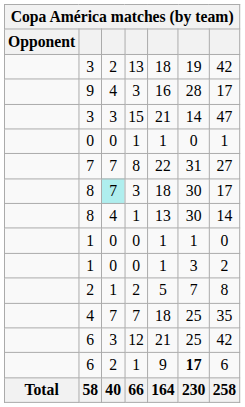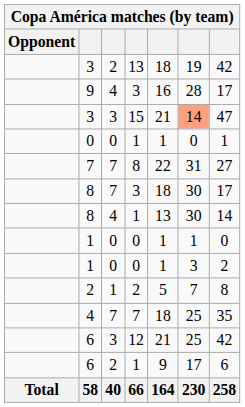 <table class="wikitable sortable" style="text-align: center;">
 <tr>
 <th colspan=7>Copa América matches (by team)</th>
 </tr>
 <tr>
 <th>Opponent</th>
 <th></th>
 <th></th>
 <th></th>
 <th></th>
 <th></th>
 <th></th>
 </tr>
 <tr>
 <td align="left"></td>
 <td>3</td>
 <td>2</td>
 <td>13</td>
 <td>18</td>
 <td>19</td>
 <td>42</td>
 </tr>
 <tr>
 <td align="left"></td>
 <td>9</td>
 <td>4</td>
 <td>3</td>
 <td>16</td>
 <td>28</td>
 <td>17</td>
 </tr>
 <tr>
 <td align="left"></td>
 <td>3</td>
 <td>3</td>
 <td>15</td>
 <td>21</td>
-<td>14</td>
+<td style="background: lightsalmon;">14</td>
 <td>47</td>
 </tr>
 <tr>
 <td align="left"></td>
 <td>0</td>
 <td>0</td>
 <td>1</td>
 <td>1</td>
 <td>0</td>
 <td>1</td>
 </tr>
 <tr>
 <td align="left"></td>
 <td>7</td>
 <td>7</td>
 <td>8</td>
 <td>22</td>
 <td>31</td>
 <td>27</td>
 </tr>
 <tr>
 <td align="left"></td>
 <td>8</td>
-<td style="background: paleturquoise;">7</td>
+<td>7</td>
 <td>3</td>
 <td>18</td>
 <td>30</td>
 <td>17</td>
 </tr>
 <tr>
 <td align="left"></td>
 <td>8</td>
 <td>4</td>
 <td>1</td>
 <td>13</td>
 <td>30</td>
 <td>14</td>
 </tr>
 <tr>
 <td align="left"></td>
 <td>1</td>
 <td>0</td>
 <td>0</td>
 <td>1</td>
 <td>1</td>
 <td>0</td>
 </tr>
 <tr>
 <td align="left"></td>
 <td>1</td>
 <td>0</td>
 <td>0</td>
 <td>1</td>
 <td>3</td>
 <td>2</td>
 </tr>
 <tr>
 <td align="left"></td>
 <td>2</td>
 <td>1</td>
 <td>2</td>
 <td>5</td>
 <td>7</td>
 <td>8</td>
 </tr>
 <tr>
 <td align="left"></td>
 <td>4</td>
 <td>7</td>
 <td>7</td>
 <td>18</td>
 <td>25</td>
 <td>35</td>
 </tr>
 <tr>
 <td align="left"></td>
 <td>6</td>
 <td>3</td>
 <td>12</td>
 <td>21</td>
 <td>25</td>
 <td>42</td>
 </tr>
 <tr>
 <td align="left"></td>
 <td>6</td>
 <td>2</td>
 <td>1</td>
 <td>9</td>
-<td><strong>17</strong></td>
+<td>17</td>
 <td>6</td>
 </tr>
 <tr>
 <th align="left">Total</th>
 <th>58</th>
 <th>40</th>
 <th>66</th>
 <th>164</th>
 <th>230</th>
 <th>258</th>
 </tr>
 </table>
